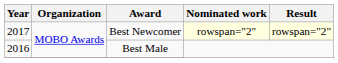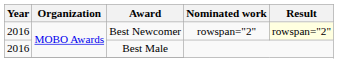 <table class="wikitable plainrowheaders" style="text-align:center;">
 <tr>
 <th>Year</th>
 <th>Organization</th>
 <th>Award</th>
 <th>Nominated work</th>
 <th>Result</th>
 </tr>
 <tr>
-<td>2017</td>
+<td>2016</td>
 <td rowspan="2"><a href='#'>MOBO Awards</a></td>
 <td>Best Newcomer</td>
-<td style="background: lightyellow;">rowspan="2" </td>
+<td>rowspan="2" </td>
 <td style="background: lightyellow;">rowspan="2" <br></td>
 </tr>
 <tr>
 <td>2016</td>
 <td>Best Male</td>
 </tr>
 <tr>
 </tr>
 </table>
